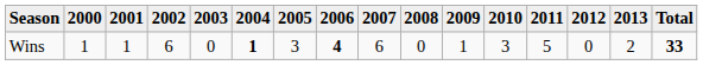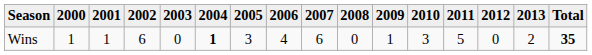 <table class="wikitable sortable">
 <tr style=background:#efefef;font-weight:bold>
 <td>Season</td>
 <td>2000</td>
 <td>2001</td>
 <td>2002</td>
 <td>2003</td>
 <td>2004</td>
 <td>2005</td>
 <td>2006</td>
 <td>2007</td>
 <td>2008</td>
 <td>2009</td>
 <td>2010</td>
 <td>2011</td>
 <td>2012</td>
 <td>2013</td>
 <td><strong>Total</strong></td>
 </tr>
 <tr align=center>
 <td align=left>Wins</td>
 <td>1</td>
 <td>1</td>
 <td>6</td>
 <td>0</td>
 <td><strong>1</strong></td>
 <td>3</td>
-<td><strong>4</strong></td>
+<td>4</td>
 <td>6</td>
 <td>0</td>
 <td>1</td>
 <td>3</td>
 <td>5</td>
 <td>0</td>
 <td>2</td>
-<td><strong>33</strong></td>
+<td><strong>35</strong></td>
 </tr>
 </table>
